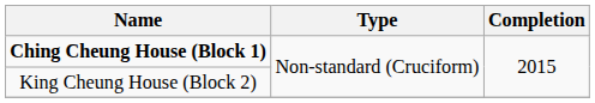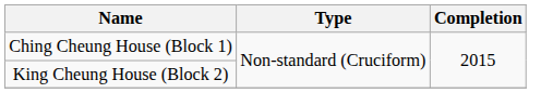 <table class="wikitable" style="text-align: center">
 <tr>
 <th>Name</th>
 <th>Type</th>
 <th>Completion</th>
 </tr>
 <tr>
-<td><strong>Ching Cheung House (Block 1)</strong></td>
+<td>Ching Cheung House (Block 1)</td>
 <td rowspan="2">Non-standard (Cruciform)</td>
 <td rowspan="2">2015</td>
 </tr>
 <tr>
 <td>King Cheung House (Block 2)</td>
 </tr>
 <tr>
 </tr>
 </table>
